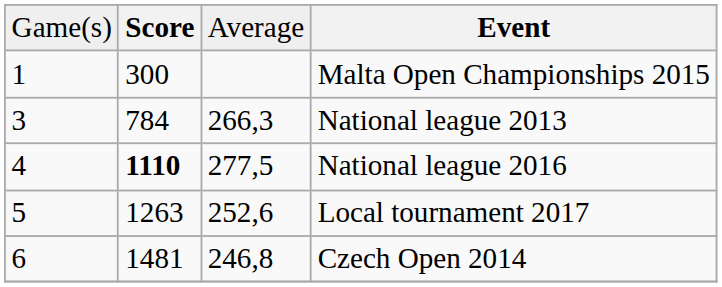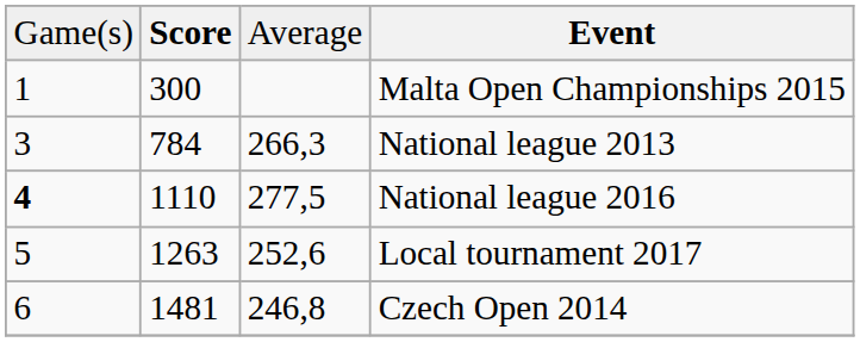 <table class="wikitable">
 <tr bgcolor="#efefef">
 <td>Game(s)</td>
 <th>Score</th>
 <td>Average</td>
 <th>Event</th>
 </tr>
 <tr>
 <td>1</td>
 <td>300</td>
 <td></td>
 <td>Malta Open Championships 2015</td>
 </tr>
 <tr>
 <td>3</td>
 <td>784</td>
 <td>266,3</td>
 <td>National league 2013</td>
 </tr>
 <tr>
-<td>4</td>
-<td><strong>1110</strong></td>
+<td><strong>4</strong></td>
+<td>1110</td>
 <td>277,5</td>
 <td>National league 2016</td>
 </tr>
 <tr>
 <td>5</td>
 <td>1263</td>
 <td>252,6</td>
 <td>Local tournament 2017</td>
 </tr>
 <tr>
 <td>6</td>
 <td>1481</td>
 <td>246,8</td>
 <td>Czech Open 2014</td>
 </tr>
 <tr>
 </tr>
 </table>
